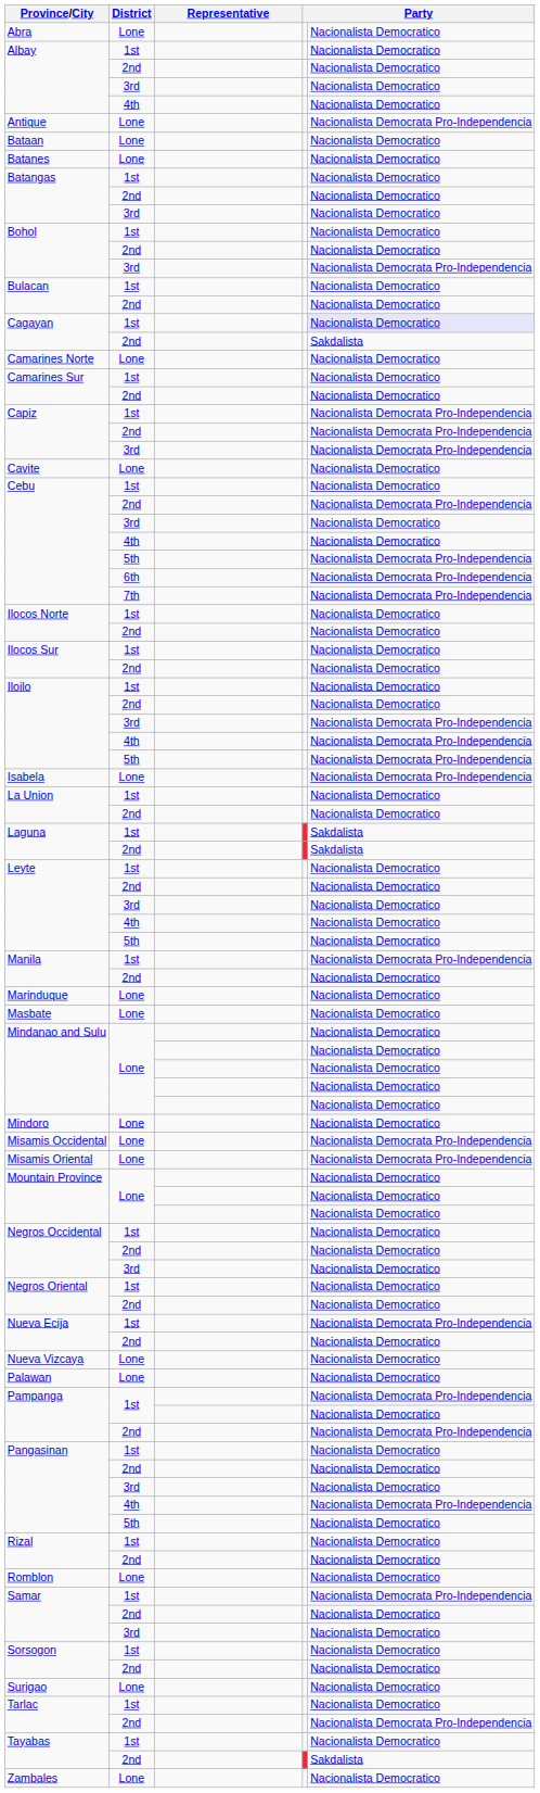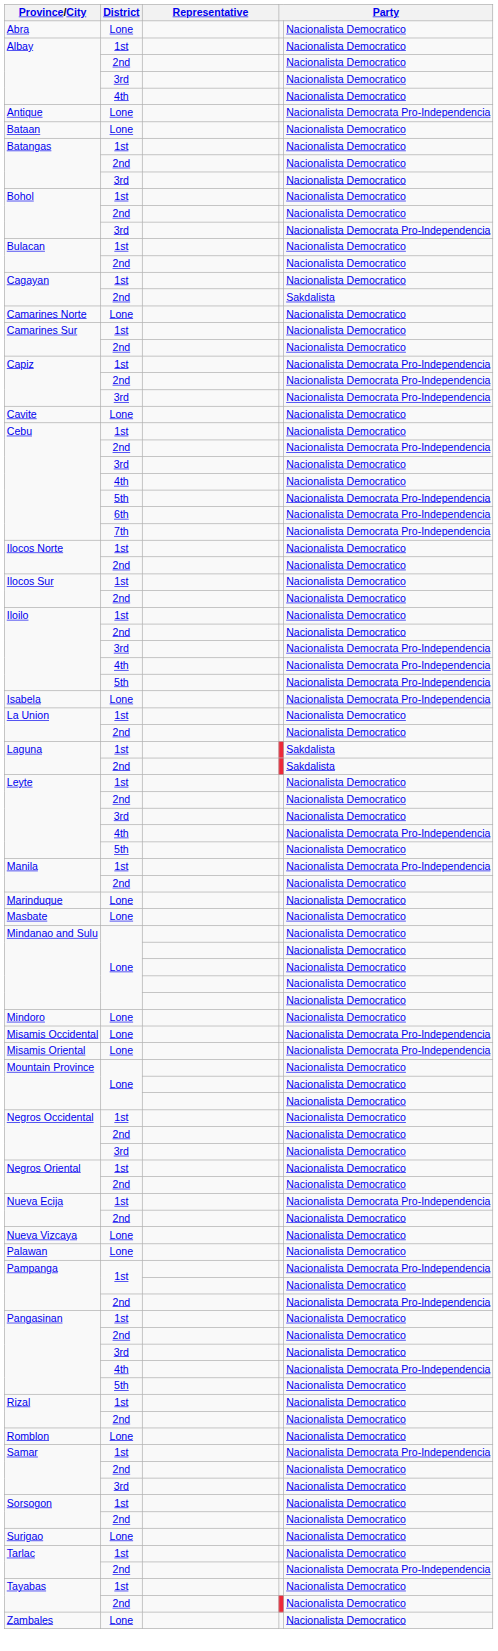 <table class="wikitable sortable">
 <tr>
 <th><a href='#'>Province</a>/<a href='#'>City</a></th>
 <th><a href='#'>District</a></th>
 <th width="200px"><a href='#'>Representative</a></th>
 <th colspan="2"><a href='#'>Party</a></th>
 </tr>
 <tr>
 <td valign="top"><a href='#'>Abra</a></td>
 <td align="center"><a href='#'>Lone</a></td>
 <td></td>
 <td></td>
 <td><a href='#'>Nacionalista Democratico</a></td>
 </tr>
 <tr>
 <td rowspan="4" valign="top"><a href='#'>Albay</a></td>
 <td align="center"><a href='#'>1st</a></td>
 <td></td>
 <td></td>
 <td><a href='#'>Nacionalista Democratico</a></td>
 </tr>
 <tr>
 <td align="center"><a href='#'>2nd</a></td>
 <td></td>
 <td></td>
 <td><a href='#'>Nacionalista Democratico</a></td>
 </tr>
 <tr>
 <td align="center"><a href='#'>3rd</a></td>
 <td></td>
 <td></td>
 <td><a href='#'>Nacionalista Democratico</a></td>
 </tr>
 <tr>
 <td align="center"><a href='#'>4th</a></td>
 <td></td>
 <td></td>
 <td><a href='#'>Nacionalista Democratico</a></td>
 </tr>
 <tr>
 <td><a href='#'>Antique</a></td>
 <td align="center"><a href='#'>Lone</a></td>
 <td></td>
 <td></td>
 <td><a href='#'>Nacionalista Democrata Pro-Independencia</a></td>
 </tr>
 <tr>
 <td valign="top"><a href='#'>Bataan</a></td>
-<td align="center"><a href='#'>Lone</a></td>
-<td></td>
-<td></td>
-<td><a href='#'>Nacionalista Democratico</a></td>
-</tr>
-<tr>
-<td valign="top"><a href='#'>Batanes</a></td>
 <td align="center"><a href='#'>Lone</a></td>
 <td></td>
 <td></td>
 <td><a href='#'>Nacionalista Democratico</a></td>
 </tr>
 <tr>
 <td rowspan="3" valign="top"><a href='#'>Batangas</a></td>
 <td align="center"><a href='#'>1st</a></td>
 <td></td>
 <td></td>
 <td><a href='#'>Nacionalista Democratico</a></td>
 </tr>
 <tr>
 <td align="center"><a href='#'>2nd</a></td>
 <td></td>
 <td></td>
 <td><a href='#'>Nacionalista Democratico</a></td>
 </tr>
 <tr>
 <td align="center"><a href='#'>3rd</a></td>
 <td></td>
 <td></td>
 <td><a href='#'>Nacionalista Democratico</a></td>
 </tr>
 <tr>
 <td rowspan="3" valign="top"><a href='#'>Bohol</a></td>
 <td align="center"><a href='#'>1st</a></td>
 <td></td>
 <td></td>
 <td><a href='#'>Nacionalista Democratico</a></td>
 </tr>
 <tr>
 <td align="center"><a href='#'>2nd</a></td>
 <td></td>
 <td></td>
 <td><a href='#'>Nacionalista Democratico</a></td>
 </tr>
 <tr>
 <td align="center"><a href='#'>3rd</a></td>
 <td></td>
 <td></td>
 <td><a href='#'>Nacionalista Democrata Pro-Independencia</a></td>
 </tr>
 <tr>
 <td rowspan="2" valign="top"><a href='#'>Bulacan</a></td>
 <td align="center"><a href='#'>1st</a></td>
 <td></td>
 <td></td>
 <td><a href='#'>Nacionalista Democratico</a></td>
 </tr>
 <tr>
 <td align="center"><a href='#'>2nd</a></td>
 <td></td>
 <td></td>
 <td><a href='#'>Nacionalista Democratico</a></td>
 </tr>
 <tr>
 <td rowspan="2" valign="top"><a href='#'>Cagayan</a></td>
 <td align="center"><a href='#'>1st</a></td>
 <td></td>
 <td></td>
-<td style="background: lavender;"><a href='#'>Nacionalista Democratico</a></td>
+<td><a href='#'>Nacionalista Democratico</a></td>
 </tr>
 <tr>
 <td align="center"><a href='#'>2nd</a></td>
 <td></td>
 <td></td>
 <td><a href='#'>Sakdalista</a></td>
 </tr>
 <tr>
 <td valign="top"><a href='#'>Camarines Norte</a></td>
 <td align="center"><a href='#'>Lone</a></td>
 <td></td>
 <td></td>
 <td><a href='#'>Nacionalista Democratico</a></td>
 </tr>
 <tr>
 <td rowspan="2" valign="top"><a href='#'>Camarines Sur</a></td>
 <td align="center"><a href='#'>1st</a></td>
 <td></td>
 <td></td>
 <td><a href='#'>Nacionalista Democratico</a></td>
 </tr>
 <tr>
 <td align="center"><a href='#'>2nd</a></td>
 <td></td>
 <td></td>
 <td><a href='#'>Nacionalista Democratico</a></td>
 </tr>
 <tr>
 <td rowspan="3" valign="top"><a href='#'>Capiz</a></td>
 <td align="center"><a href='#'>1st</a></td>
 <td></td>
 <td></td>
 <td><a href='#'>Nacionalista Democrata Pro-Independencia</a></td>
 </tr>
 <tr>
 <td align="center"><a href='#'>2nd</a></td>
 <td></td>
 <td></td>
 <td><a href='#'>Nacionalista Democrata Pro-Independencia</a></td>
 </tr>
 <tr>
 <td align="center"><a href='#'>3rd</a></td>
 <td></td>
 <td></td>
 <td><a href='#'>Nacionalista Democrata Pro-Independencia</a></td>
 </tr>
 <tr>
 <td valign="top"><a href='#'>Cavite</a></td>
 <td align="center"><a href='#'>Lone</a></td>
 <td></td>
 <td></td>
 <td><a href='#'>Nacionalista Democratico</a></td>
 </tr>
 <tr>
 <td rowspan="7" valign="top"><a href='#'>Cebu</a></td>
 <td align="center"><a href='#'>1st</a></td>
 <td></td>
 <td></td>
 <td><a href='#'>Nacionalista Democratico</a></td>
 </tr>
 <tr>
 <td align="center"><a href='#'>2nd</a></td>
 <td></td>
 <td></td>
 <td><a href='#'>Nacionalista Democrata Pro-Independencia</a></td>
 </tr>
 <tr>
 <td align="center"><a href='#'>3rd</a></td>
 <td></td>
 <td></td>
 <td><a href='#'>Nacionalista Democratico</a></td>
 </tr>
 <tr>
 <td align="center"><a href='#'>4th</a></td>
 <td></td>
 <td></td>
 <td><a href='#'>Nacionalista Democratico</a></td>
 </tr>
 <tr>
 <td align="center"><a href='#'>5th</a></td>
 <td></td>
 <td></td>
 <td><a href='#'>Nacionalista Democrata Pro-Independencia</a></td>
 </tr>
 <tr>
 <td align="center"><a href='#'>6th</a></td>
 <td></td>
 <td></td>
 <td><a href='#'>Nacionalista Democrata Pro-Independencia</a></td>
 </tr>
 <tr>
 <td align="center"><a href='#'>7th</a></td>
 <td></td>
 <td></td>
 <td><a href='#'>Nacionalista Democrata Pro-Independencia</a></td>
 </tr>
 <tr>
 <td rowspan="2" valign="top"><a href='#'>Ilocos Norte</a></td>
 <td align="center"><a href='#'>1st</a></td>
 <td></td>
 <td></td>
 <td><a href='#'>Nacionalista Democratico</a></td>
 </tr>
 <tr>
 <td align="center"><a href='#'>2nd</a></td>
 <td></td>
 <td></td>
 <td><a href='#'>Nacionalista Democratico</a></td>
 </tr>
 <tr>
 <td rowspan="2" valign="top"><a href='#'>Ilocos Sur</a></td>
 <td align="center"><a href='#'>1st</a></td>
 <td></td>
 <td></td>
 <td><a href='#'>Nacionalista Democratico</a></td>
 </tr>
 <tr>
 <td align="center"><a href='#'>2nd</a></td>
 <td></td>
 <td></td>
 <td><a href='#'>Nacionalista Democratico</a></td>
 </tr>
 <tr>
 <td rowspan="5" valign="top"><a href='#'>Iloilo</a></td>
 <td align="center"><a href='#'>1st</a></td>
 <td></td>
 <td></td>
 <td><a href='#'>Nacionalista Democratico</a></td>
 </tr>
 <tr>
 <td align="center"><a href='#'>2nd</a></td>
 <td></td>
 <td></td>
 <td><a href='#'>Nacionalista Democratico</a></td>
 </tr>
 <tr>
 <td align="center"><a href='#'>3rd</a></td>
 <td></td>
 <td></td>
 <td><a href='#'>Nacionalista Democrata Pro-Independencia</a></td>
 </tr>
 <tr>
 <td align="center"><a href='#'>4th</a></td>
 <td></td>
 <td></td>
 <td><a href='#'>Nacionalista Democrata Pro-Independencia</a></td>
 </tr>
 <tr>
 <td align="center"><a href='#'>5th</a></td>
 <td></td>
 <td></td>
 <td><a href='#'>Nacionalista Democrata Pro-Independencia</a></td>
 </tr>
 <tr>
 <td valign="top"><a href='#'>Isabela</a></td>
 <td align="center"><a href='#'>Lone</a></td>
 <td></td>
 <td></td>
 <td><a href='#'>Nacionalista Democrata Pro-Independencia</a></td>
 </tr>
 <tr>
 <td rowspan="2" valign="top"><a href='#'>La Union</a></td>
 <td align="center"><a href='#'>1st</a></td>
 <td></td>
 <td></td>
 <td><a href='#'>Nacionalista Democratico</a></td>
 </tr>
 <tr>
 <td align="center"><a href='#'>2nd</a></td>
 <td></td>
 <td></td>
 <td><a href='#'>Nacionalista Democratico</a></td>
 </tr>
 <tr>
 <td rowspan="2" valign="top"><a href='#'>Laguna</a></td>
 <td align="center"><a href='#'>1st</a></td>
 <td></td>
 <td bgcolor=#ED2939></td>
 <td><a href='#'>Sakdalista</a></td>
 </tr>
 <tr>
 <td align="center"><a href='#'>2nd</a></td>
 <td></td>
 <td bgcolor=#ED2939></td>
 <td><a href='#'>Sakdalista</a></td>
 </tr>
 <tr>
 <td rowspan="5" valign="top"><a href='#'>Leyte</a></td>
 <td align="center"><a href='#'>1st</a></td>
 <td></td>
 <td></td>
 <td><a href='#'>Nacionalista Democratico</a></td>
 </tr>
 <tr>
 <td align="center"><a href='#'>2nd</a></td>
 <td></td>
 <td></td>
 <td><a href='#'>Nacionalista Democratico</a></td>
 </tr>
 <tr>
 <td align="center"><a href='#'>3rd</a></td>
 <td></td>
 <td></td>
 <td><a href='#'>Nacionalista Democratico</a></td>
 </tr>
 <tr>
 <td align="center"><a href='#'>4th</a></td>
 <td></td>
 <td></td>
-<td><a href='#'>Nacionalista Democratico</a></td>
+<td><a href='#'>Nacionalista Democrata Pro-Independencia</a></td>
 </tr>
 <tr>
 <td align="center"><a href='#'>5th</a></td>
 <td></td>
 <td></td>
 <td><a href='#'>Nacionalista Democratico</a></td>
 </tr>
 <tr>
 <td rowspan="2" valign="top"><a href='#'>Manila</a></td>
 <td align="center"><a href='#'>1st</a></td>
 <td></td>
 <td></td>
 <td><a href='#'>Nacionalista Democrata Pro-Independencia</a></td>
 </tr>
 <tr>
 <td align="center"><a href='#'>2nd</a></td>
 <td></td>
 <td></td>
 <td><a href='#'>Nacionalista Democratico</a></td>
 </tr>
 <tr>
 <td valign="top"><a href='#'>Marinduque</a></td>
 <td align="center"><a href='#'>Lone</a></td>
 <td></td>
 <td></td>
 <td><a href='#'>Nacionalista Democratico</a></td>
 </tr>
 <tr>
 <td valign="top"><a href='#'>Masbate</a></td>
 <td align="center"><a href='#'>Lone</a></td>
 <td></td>
 <td></td>
 <td><a href='#'>Nacionalista Democratico</a></td>
 </tr>
 <tr>
 <td rowspan="5" valign="top"><a href='#'>Mindanao and Sulu</a></td>
 <td rowspan="5" align="center"><a href='#'>Lone</a></td>
 <td></td>
 <td></td>
 <td><a href='#'>Nacionalista Democratico</a></td>
 </tr>
 <tr>
 <td></td>
 <td></td>
 <td><a href='#'>Nacionalista Democratico</a></td>
 </tr>
 <tr>
 <td></td>
 <td></td>
 <td><a href='#'>Nacionalista Democratico</a></td>
 </tr>
 <tr>
 <td></td>
 <td></td>
 <td><a href='#'>Nacionalista Democratico</a></td>
 </tr>
 <tr>
 <td></td>
 <td></td>
 <td><a href='#'>Nacionalista Democratico</a></td>
 </tr>
 <tr>
 <td valign="top"><a href='#'>Mindoro</a></td>
 <td align="center"><a href='#'>Lone</a></td>
 <td></td>
 <td></td>
 <td><a href='#'>Nacionalista Democratico</a></td>
 </tr>
 <tr>
 <td valign="top"><a href='#'>Misamis Occidental</a></td>
 <td align="center"><a href='#'>Lone</a></td>
 <td></td>
 <td></td>
 <td><a href='#'>Nacionalista Democrata Pro-Independencia</a></td>
 </tr>
 <tr>
 <td valign="top"><a href='#'>Misamis Oriental</a></td>
 <td align="center"><a href='#'>Lone</a></td>
 <td></td>
 <td></td>
 <td><a href='#'>Nacionalista Democrata Pro-Independencia</a></td>
 </tr>
 <tr>
 <td rowspan="3" valign="top"><a href='#'>Mountain Province</a></td>
 <td rowspan="3" align="center"><a href='#'>Lone</a></td>
 <td></td>
 <td></td>
 <td><a href='#'>Nacionalista Democratico</a></td>
 </tr>
 <tr>
 <td></td>
 <td></td>
 <td><a href='#'>Nacionalista Democratico</a></td>
 </tr>
 <tr>
 <td></td>
 <td></td>
 <td><a href='#'>Nacionalista Democratico</a></td>
 </tr>
 <tr>
 <td rowspan="3" valign="top"><a href='#'>Negros Occidental</a></td>
 <td align="center"><a href='#'>1st</a></td>
 <td></td>
 <td></td>
 <td><a href='#'>Nacionalista Democratico</a></td>
 </tr>
 <tr>
 <td align="center"><a href='#'>2nd</a></td>
 <td></td>
 <td></td>
 <td><a href='#'>Nacionalista Democratico</a></td>
 </tr>
 <tr>
 <td align="center"><a href='#'>3rd</a></td>
 <td></td>
 <td></td>
 <td><a href='#'>Nacionalista Democratico</a></td>
 </tr>
 <tr>
 <td rowspan="2" valign="top"><a href='#'>Negros Oriental</a></td>
 <td align="center"><a href='#'>1st</a></td>
 <td></td>
 <td></td>
 <td><a href='#'>Nacionalista Democratico</a></td>
 </tr>
 <tr>
 <td align="center"><a href='#'>2nd</a></td>
 <td></td>
 <td></td>
 <td><a href='#'>Nacionalista Democratico</a></td>
 </tr>
 <tr>
 <td rowspan="2" valign="top"><a href='#'>Nueva Ecija</a></td>
 <td align="center"><a href='#'>1st</a></td>
 <td></td>
 <td></td>
 <td><a href='#'>Nacionalista Democrata Pro-Independencia</a></td>
 </tr>
 <tr>
 <td align="center"><a href='#'>2nd</a></td>
 <td></td>
 <td></td>
 <td><a href='#'>Nacionalista Democratico</a></td>
 </tr>
 <tr>
 <td valign="top"><a href='#'>Nueva Vizcaya</a></td>
 <td align="center"><a href='#'>Lone</a></td>
 <td></td>
 <td></td>
 <td><a href='#'>Nacionalista Democratico</a></td>
 </tr>
 <tr>
 <td valign="top"><a href='#'>Palawan</a></td>
 <td align="center"><a href='#'>Lone</a></td>
 <td></td>
 <td></td>
 <td><a href='#'>Nacionalista Democratico</a></td>
 </tr>
 <tr>
 <td rowspan="3" valign="top"><a href='#'>Pampanga</a></td>
 <td rowspan="2" align="center"><a href='#'>1st</a></td>
 <td></td>
 <td></td>
 <td><a href='#'>Nacionalista Democrata Pro-Independencia</a></td>
 </tr>
 <tr>
 <td></td>
 <td></td>
 <td><a href='#'>Nacionalista Democratico</a></td>
 </tr>
 <tr>
 <td align="center"><a href='#'>2nd</a></td>
 <td></td>
 <td></td>
 <td><a href='#'>Nacionalista Democrata Pro-Independencia</a></td>
 </tr>
 <tr>
 <td rowspan="5" valign="top"><a href='#'>Pangasinan</a></td>
 <td align="center"><a href='#'>1st</a></td>
 <td></td>
 <td></td>
 <td><a href='#'>Nacionalista Democratico</a></td>
 </tr>
 <tr>
 <td align="center"><a href='#'>2nd</a></td>
 <td></td>
 <td></td>
 <td><a href='#'>Nacionalista Democratico</a></td>
 </tr>
 <tr>
 <td align="center"><a href='#'>3rd</a></td>
 <td></td>
 <td></td>
 <td><a href='#'>Nacionalista Democratico</a></td>
 </tr>
 <tr>
 <td align="center"><a href='#'>4th</a></td>
 <td></td>
 <td></td>
 <td><a href='#'>Nacionalista Democrata Pro-Independencia</a></td>
 </tr>
 <tr>
 <td align="center"><a href='#'>5th</a></td>
 <td></td>
 <td></td>
 <td><a href='#'>Nacionalista Democratico</a></td>
 </tr>
 <tr>
 <td rowspan="2" valign="top"><a href='#'>Rizal</a></td>
 <td align="center"><a href='#'>1st</a></td>
 <td></td>
 <td></td>
 <td><a href='#'>Nacionalista Democratico</a></td>
 </tr>
 <tr>
 <td align="center"><a href='#'>2nd</a></td>
 <td></td>
 <td></td>
 <td><a href='#'>Nacionalista Democratico</a></td>
 </tr>
 <tr>
 <td valign="top"><a href='#'>Romblon</a></td>
 <td align="center"><a href='#'>Lone</a></td>
 <td></td>
 <td></td>
 <td><a href='#'>Nacionalista Democratico</a></td>
 </tr>
 <tr>
 <td rowspan="3" valign="top"><a href='#'>Samar</a></td>
 <td align="center"><a href='#'>1st</a></td>
 <td></td>
 <td></td>
 <td><a href='#'>Nacionalista Democrata Pro-Independencia</a></td>
 </tr>
 <tr>
 <td align="center"><a href='#'>2nd</a></td>
 <td></td>
 <td></td>
 <td><a href='#'>Nacionalista Democratico</a></td>
 </tr>
 <tr>
 <td align="center"><a href='#'>3rd</a></td>
 <td></td>
 <td></td>
 <td><a href='#'>Nacionalista Democratico</a></td>
 </tr>
 <tr>
 <td rowspan="2" valign="top"><a href='#'>Sorsogon</a></td>
 <td align="center"><a href='#'>1st</a></td>
 <td></td>
 <td></td>
 <td><a href='#'>Nacionalista Democratico</a></td>
 </tr>
 <tr>
 <td align="center"><a href='#'>2nd</a></td>
 <td></td>
 <td></td>
 <td><a href='#'>Nacionalista Democratico</a></td>
 </tr>
 <tr>
 <td valign="top"><a href='#'>Surigao</a></td>
 <td align="center"><a href='#'>Lone</a></td>
 <td></td>
 <td></td>
 <td><a href='#'>Nacionalista Democratico</a></td>
 </tr>
 <tr>
 <td rowspan="2" valign="top"><a href='#'>Tarlac</a></td>
 <td align="center"><a href='#'>1st</a></td>
 <td></td>
 <td></td>
 <td><a href='#'>Nacionalista Democratico</a></td>
 </tr>
 <tr>
 <td align="center"><a href='#'>2nd</a></td>
 <td></td>
 <td></td>
 <td><a href='#'>Nacionalista Democrata Pro-Independencia</a></td>
 </tr>
 <tr>
 <td rowspan="2" valign="top"><a href='#'>Tayabas</a></td>
 <td align="center"><a href='#'>1st</a></td>
 <td></td>
 <td></td>
 <td><a href='#'>Nacionalista Democratico</a></td>
 </tr>
 <tr>
 <td align="center"><a href='#'>2nd</a></td>
 <td></td>
 <td bgcolor=#ED2939></td>
-<td><a href='#'>Sakdalista</a></td>
+<td><a href='#'>Nacionalista Democratico</a></td>
 </tr>
 <tr>
 <td valign="top"><a href='#'>Zambales</a></td>
 <td align="center"><a href='#'>Lone</a></td>
 <td></td>
 <td></td>
 <td><a href='#'>Nacionalista Democratico</a></td>
 </tr>
 </table>
